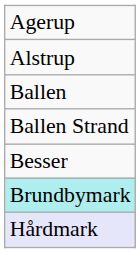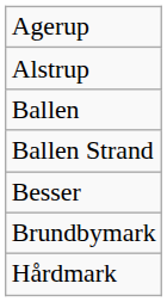 <table class="wikitable" style="float:left; margin-right:1em">
 <tr>
 <td>Agerup</td>
 </tr>
 <tr>
 <td>Alstrup</td>
 </tr>
 <tr>
 <td>Ballen</td>
 </tr>
 <tr>
 <td>Ballen Strand</td>
 </tr>
 <tr>
 <td>Besser</td>
 </tr>
 <tr>
-<td style="background: paleturquoise;">Brundbymark</td>
+<td>Brundbymark</td>
 </tr>
 <tr>
-<td style="background: lavender;">Hårdmark</td>
+<td>Hårdmark</td>
 </tr>
 </table>
